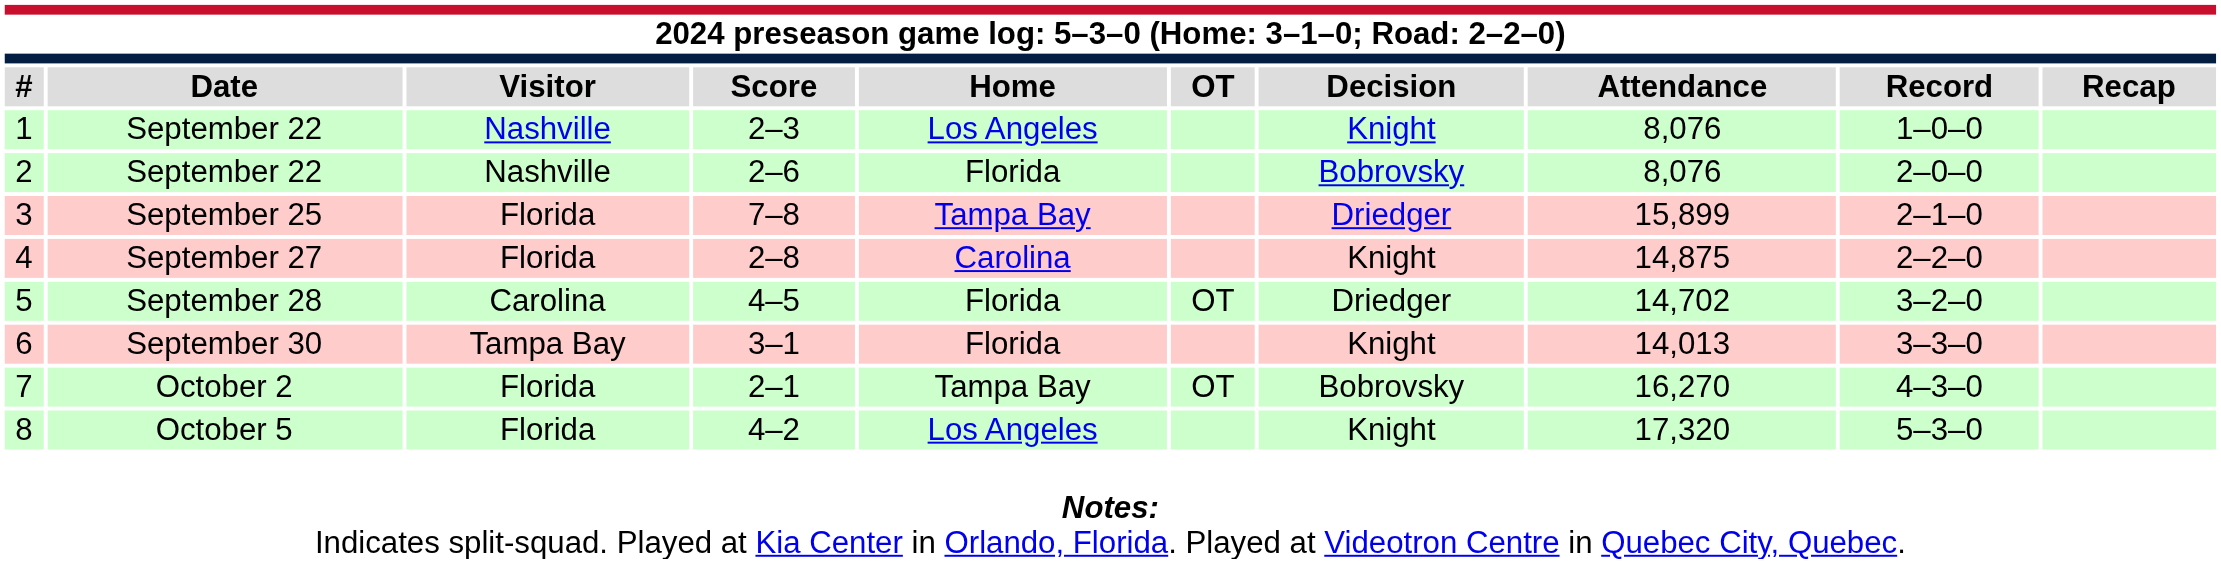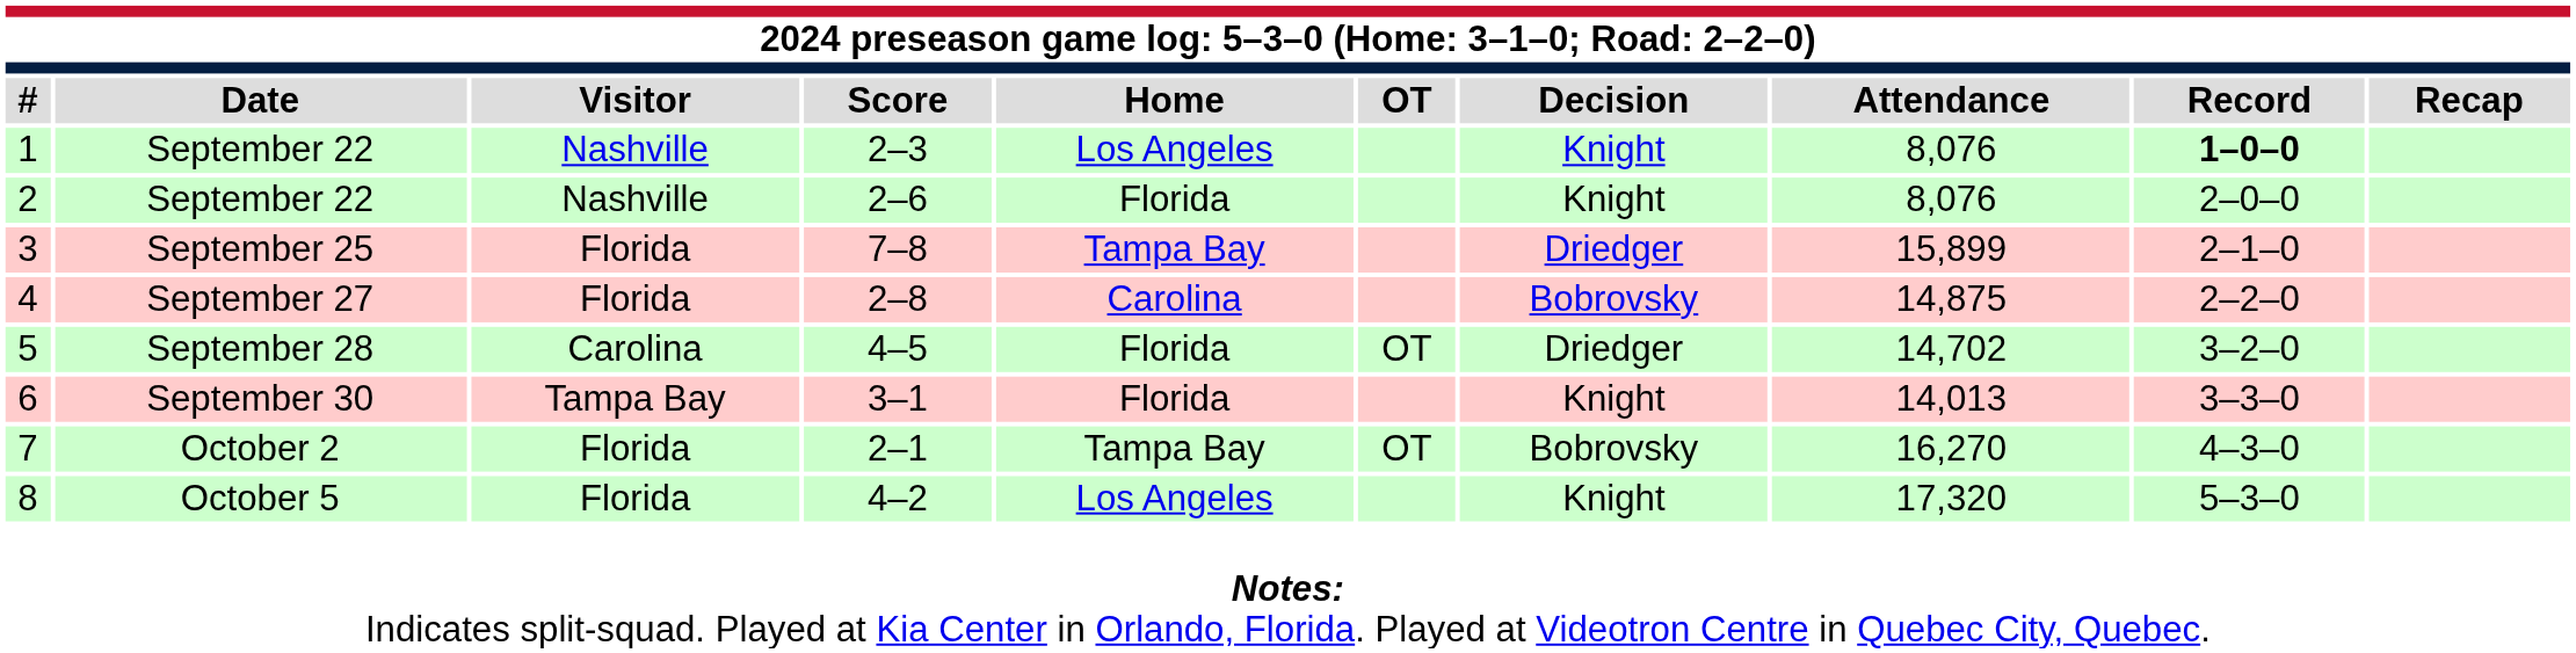 <table class="toccolours collapsible collapsed" style="width:90%; clear:both; margin:1.5em auto; text-align:center;">
 <tr>
 <th colspan="10" style="background:#FFFFFF; border-top:#C8102E 5px solid; border-bottom:#041E42 5px solid;">2024 preseason game log: 5–3–0 (Home: 3–1–0; Road: 2–2–0)</th>
 </tr>
 <tr style="background:#ddd;">
 <th>#</th>
 <th>Date</th>
 <th>Visitor</th>
 <th>Score</th>
 <th>Home</th>
 <th>OT</th>
 <th>Decision</th>
 <th>Attendance</th>
 <th>Record</th>
 <th>Recap</th>
 </tr>
 <tr style="background:#cfc;">
 <td>1 </td>
 <td>September 22</td>
 <td><a href='#'>Nashville</a></td>
 <td>2–3</td>
 <td><a href='#'>Los Angeles</a></td>
 <td></td>
 <td><a href='#'>Knight</a></td>
 <td>8,076</td>
-<td>1–0–0</td>
+<td><strong>1–0–0</strong></td>
 <td></td>
 </tr>
 <tr style="background:#cfc;">
 <td>2 </td>
 <td>September 22</td>
 <td>Nashville</td>
 <td>2–6</td>
 <td>Florida</td>
 <td></td>
-<td><a href='#'>Bobrovsky</a></td>
+<td>Knight</td>
 <td>8,076</td>
 <td>2–0–0</td>
 <td></td>
 </tr>
 <tr style="background:#fcc;">
 <td>3 </td>
 <td>September 25</td>
 <td>Florida</td>
 <td>7–8</td>
 <td><a href='#'>Tampa Bay</a></td>
 <td></td>
 <td><a href='#'>Driedger</a></td>
 <td>15,899</td>
 <td>2–1–0</td>
 <td></td>
 </tr>
 <tr style="background:#fcc;">
 <td>4</td>
 <td>September 27</td>
 <td>Florida</td>
 <td>2–8</td>
 <td><a href='#'>Carolina</a></td>
 <td></td>
-<td>Knight</td>
+<td><a href='#'>Bobrovsky</a></td>
 <td>14,875</td>
 <td>2–2–0</td>
 <td></td>
 </tr>
 <tr style="background:#cfc;">
 <td>5</td>
 <td>September 28</td>
 <td>Carolina</td>
 <td>4–5</td>
 <td>Florida</td>
 <td>OT</td>
 <td>Driedger</td>
 <td>14,702</td>
 <td>3–2–0</td>
 <td></td>
 </tr>
 <tr style="background:#fcc;">
 <td>6</td>
 <td>September 30</td>
 <td>Tampa Bay</td>
 <td>3–1</td>
 <td>Florida</td>
 <td></td>
 <td>Knight</td>
 <td>14,013</td>
 <td>3–3–0</td>
 <td></td>
 </tr>
 <tr style="background:#cfc;">
 <td>7</td>
 <td>October 2</td>
 <td>Florida</td>
 <td>2–1</td>
 <td>Tampa Bay</td>
 <td>OT</td>
 <td>Bobrovsky</td>
 <td>16,270</td>
 <td>4–3–0</td>
 <td></td>
 </tr>
 <tr style="background:#cfc;">
 <td>8 </td>
 <td>October 5</td>
 <td>Florida</td>
 <td>4–2</td>
 <td><a href='#'>Los Angeles</a></td>
 <td></td>
 <td>Knight</td>
 <td>17,320</td>
 <td>5–3–0</td>
 <td></td>
 </tr>
 <tr>
 <td colspan="10" style="text-align:center;"><br><strong><em>Notes:</em></strong><br>  Indicates split-squad.  Played at <a href='#'>Kia Center</a> in <a href='#'>Orlando, Florida</a>.  Played at <a href='#'>Videotron Centre</a> in <a href='#'>Quebec City, Quebec</a>.</td>
 </tr>
 </table>
